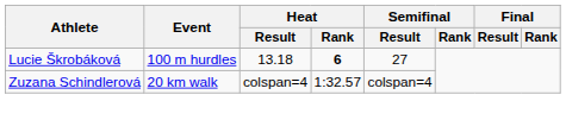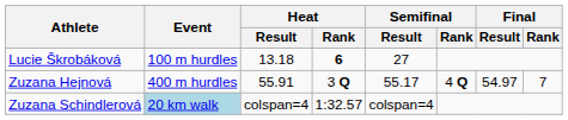 <table class=wikitable style="font-size:90%">
 <tr>
 <th rowspan="2">Athlete</th>
 <th rowspan="2">Event</th>
 <th colspan="2">Heat</th>
 <th colspan="2">Semifinal</th>
 <th colspan="2">Final</th>
 </tr>
 <tr style="font-size:95%">
 <th>Result</th>
 <th>Rank</th>
 <th>Result</th>
 <th>Rank</th>
 <th>Result</th>
 <th>Rank</th>
 </tr>
 <tr align=center>
 <td align=left><a href='#'>Lucie Škrobáková</a></td>
 <td align=left><a href='#'>100 m hurdles</a></td>
 <td>13.18</td>
 <td><strong>6</strong></td>
 <td>27</td>
 </tr>
 <tr align=center>
+<td align=left><a href='#'>Zuzana Hejnová</a></td>
+<td align=left><a href='#'>400 m hurdles</a></td>
+<td>55.91</td>
+<td>3 <strong>Q</strong></td>
+<td>55.17</td>
+<td>4 <strong>Q</strong></td>
+<td>54.97</td>
+<td>7</td>
+</tr>
+<tr align=center>
 <td align=left><a href='#'>Zuzana Schindlerová</a></td>
-<td align=left><a href='#'>20 km walk</a></td>
+<td align=left style="background: lightblue;"><a href='#'>20 km walk</a></td>
 <td>colspan=4 </td>
 <td>1:32.57</td>
 <td>colspan=4 </td>
 </tr>
 </table>
